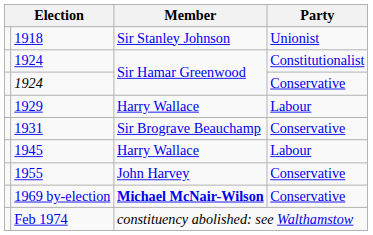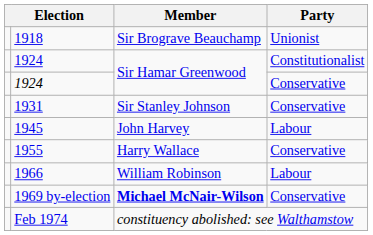 <table class="wikitable">
 <tr>
 <th colspan="2">Election</th>
 <th>Member</th>
 <th>Party</th>
 </tr>
 <tr>
 <td style="color:inherit;background-color: "></td>
 <td><a href='#'>1918</a></td>
-<td><a href='#'>Sir Stanley Johnson</a></td>
+<td><a href='#'>Sir Brograve Beauchamp</a></td>
 <td><a href='#'>Unionist</a></td>
 </tr>
 <tr>
 <td style="color:inherit;background-color: "></td>
 <td><a href='#'>1924</a></td>
 <td rowspan="2"><a href='#'>Sir Hamar Greenwood</a></td>
 <td><a href='#'>Constitutionalist</a></td>
 </tr>
 <tr>
 <td style="color:inherit;background-color: "></td>
 <td><em>1924</em></td>
 <td><a href='#'>Conservative</a></td>
 </tr>
 <tr>
 <td style="color:inherit;background-color: "></td>
-<td><a href='#'>1929</a></td>
-<td><a href='#'>Harry Wallace</a></td>
-<td><a href='#'>Labour</a></td>
-</tr>
-<tr>
-<td style="color:inherit;background-color: "></td>
 <td><a href='#'>1931</a></td>
-<td><a href='#'>Sir Brograve Beauchamp</a></td>
+<td><a href='#'>Sir Stanley Johnson</a></td>
 <td><a href='#'>Conservative</a></td>
 </tr>
 <tr>
 <td style="color:inherit;background-color: "></td>
 <td><a href='#'>1945</a></td>
-<td><a href='#'>Harry Wallace</a></td>
+<td><a href='#'>John Harvey</a></td>
 <td><a href='#'>Labour</a></td>
 </tr>
 <tr>
 <td style="color:inherit;background-color: "></td>
 <td><a href='#'>1955</a></td>
-<td><a href='#'>John Harvey</a></td>
+<td><a href='#'>Harry Wallace</a></td>
 <td><a href='#'>Conservative</a></td>
+</tr>
+<tr>
+<td style="color:inherit;background-color: "></td>
+<td><a href='#'>1966</a></td>
+<td><a href='#'>William Robinson</a></td>
+<td><a href='#'>Labour</a></td>
 </tr>
 <tr>
 <td style="color:inherit;background-color: "></td>
 <td><a href='#'>1969 by-election</a></td>
 <td><strong><a href='#'>Michael McNair-Wilson</a></strong></td>
 <td><a href='#'>Conservative</a></td>
 </tr>
 <tr>
 <td></td>
 <td><a href='#'>Feb 1974</a></td>
 <td colspan="2"><em>constituency abolished: see <a href='#'>Walthamstow</a></em></td>
 </tr>
 </table>
